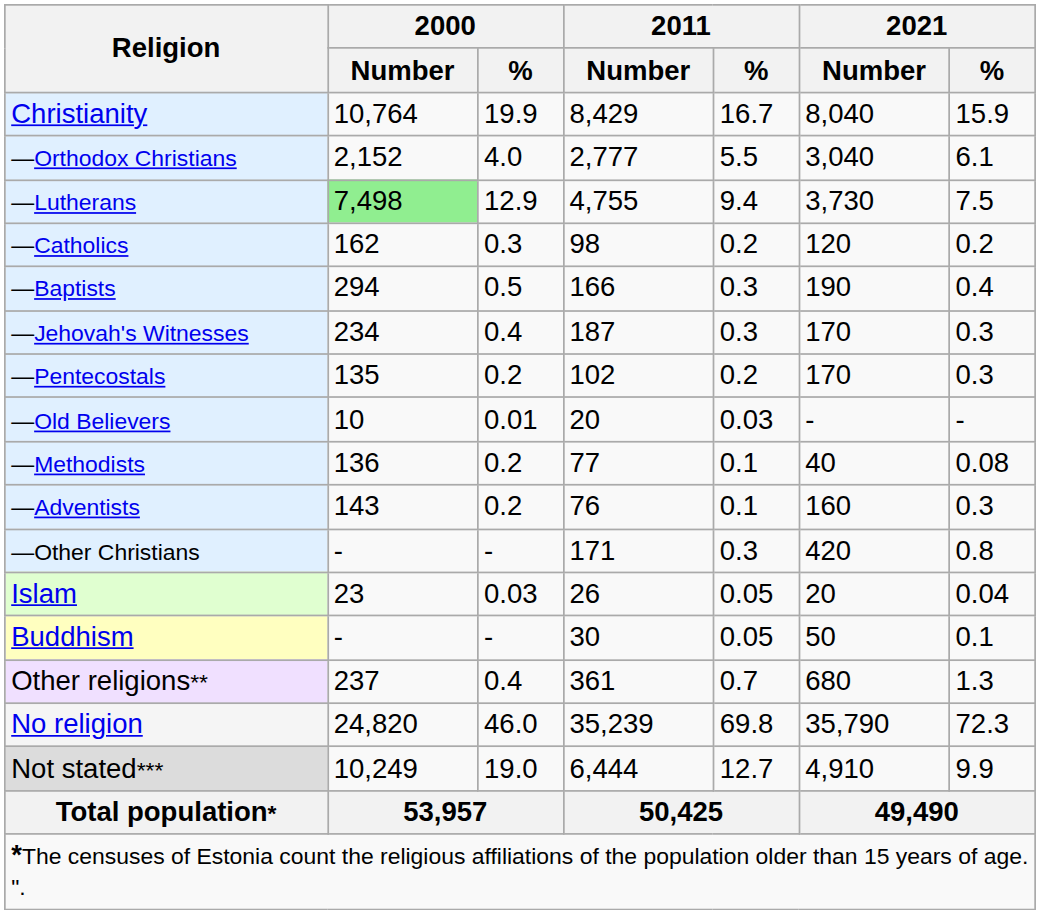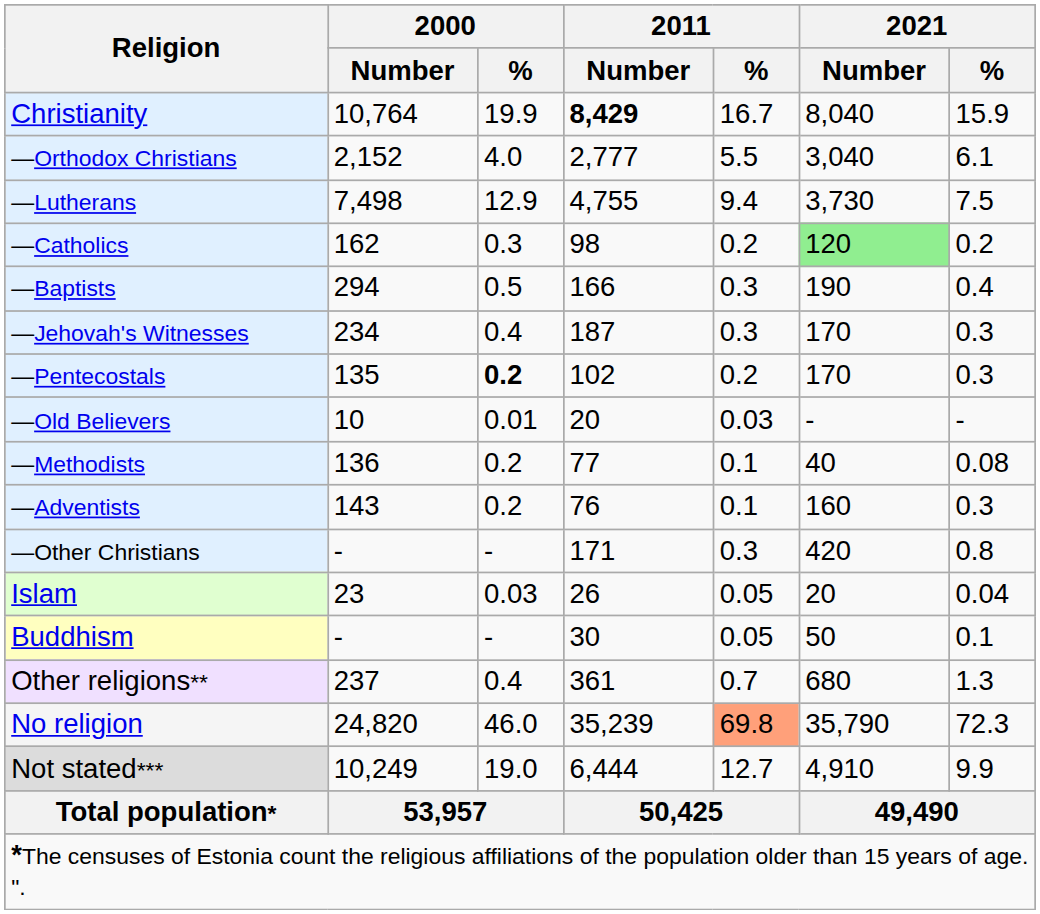 <table class="wikitable">
 <tr>
 <th rowspan="2">Religion</th>
 <th style="text-align:center;" colspan="2">2000</th>
 <th style="text-align:center;" colspan="2">2011</th>
 <th style="text-align:center;" colspan="2">2021</th>
 </tr>
 <tr>
 <th>Number</th>
 <th>%</th>
 <th>Number</th>
 <th>%</th>
 <th>Number</th>
 <th>%</th>
 </tr>
 <tr>
 <td style="background:#E0F0FF;"><a href='#'>Christianity</a></td>
 <td>10,764</td>
 <td>19.9</td>
-<td>8,429</td>
+<td><strong>8,429</strong></td>
 <td>16.7</td>
 <td>8,040</td>
 <td>15.9</td>
 </tr>
 <tr>
 <td style="background:#E0F0FF;"><small>—<a href='#'>Orthodox Christians</a></small></td>
 <td>2,152</td>
 <td>4.0</td>
 <td>2,777</td>
 <td>5.5</td>
 <td>3,040</td>
 <td>6.1</td>
 </tr>
 <tr>
 <td style="background:#E0F0FF;"><small>—<a href='#'>Lutherans</a></small></td>
-<td style="background: lightgreen;">7,498</td>
+<td>7,498</td>
 <td>12.9</td>
 <td>4,755</td>
 <td>9.4</td>
 <td>3,730</td>
 <td>7.5</td>
 </tr>
 <tr>
 <td style="background:#E0F0FF;"><small>—<a href='#'>Catholics</a></small></td>
 <td>162</td>
 <td>0.3</td>
 <td>98</td>
 <td>0.2</td>
-<td>120</td>
+<td style="background: lightgreen;">120</td>
 <td>0.2</td>
 </tr>
 <tr>
 <td style="background:#E0F0FF;"><small>—<a href='#'>Baptists</a></small></td>
 <td>294</td>
 <td>0.5</td>
 <td>166</td>
 <td>0.3</td>
 <td>190</td>
 <td>0.4</td>
 </tr>
 <tr>
 <td style="background:#E0F0FF;"><small>—<a href='#'>Jehovah's Witnesses</a></small></td>
 <td>234</td>
 <td>0.4</td>
 <td>187</td>
 <td>0.3</td>
 <td>170</td>
 <td>0.3</td>
 </tr>
 <tr>
 <td style="background:#E0F0FF;"><small>—<a href='#'>Pentecostals</a></small></td>
 <td>135</td>
-<td>0.2</td>
+<td><strong>0.2</strong></td>
 <td>102</td>
 <td>0.2</td>
 <td>170</td>
 <td>0.3</td>
 </tr>
 <tr>
 <td style="background:#E0F0FF;"><small>—<a href='#'>Old Believers</a></small></td>
 <td>10</td>
 <td>0.01</td>
 <td>20</td>
 <td>0.03</td>
 <td>-</td>
 <td>-</td>
 </tr>
 <tr>
 <td style="background:#E0F0FF;"><small>—<a href='#'>Methodists</a></small></td>
 <td>136</td>
 <td>0.2</td>
 <td>77</td>
 <td>0.1</td>
 <td>40</td>
 <td>0.08</td>
 </tr>
 <tr>
 <td style="background:#E0F0FF;"><small>—<a href='#'>Adventists</a></small></td>
 <td>143</td>
 <td>0.2</td>
 <td>76</td>
 <td>0.1</td>
 <td>160</td>
 <td>0.3</td>
 </tr>
 <tr>
 <td style="background:#E0F0FF;"><small>—Other Christians</small></td>
 <td>-</td>
 <td>-</td>
 <td>171</td>
 <td>0.3</td>
 <td>420</td>
 <td>0.8</td>
 </tr>
 <tr>
 <td style="background:#E0FFD0;"><a href='#'>Islam</a></td>
 <td>23</td>
 <td>0.03</td>
 <td>26</td>
 <td>0.05</td>
 <td>20</td>
 <td>0.04</td>
 </tr>
 <tr>
 <td style="background:#FFFFC0;"><a href='#'>Buddhism</a></td>
 <td>-</td>
 <td>-</td>
 <td>30</td>
 <td>0.05</td>
 <td>50</td>
 <td>0.1</td>
 </tr>
 <tr>
 <td style="background:#F0E0FF;">Other religions<small>**</small></td>
 <td>237</td>
 <td>0.4</td>
 <td>361</td>
 <td>0.7</td>
 <td>680</td>
 <td>1.3</td>
 </tr>
 <tr>
 <td style="background:#F5F5F5;"><a href='#'>No religion</a></td>
 <td>24,820</td>
 <td>46.0</td>
 <td>35,239</td>
-<td>69.8</td>
+<td style="background: lightsalmon;">69.8</td>
 <td>35,790</td>
 <td>72.3</td>
 </tr>
 <tr>
 <td style="background:#DCDCDC;">Not stated<small>***</small></td>
 <td>10,249</td>
 <td>19.0</td>
 <td>6,444</td>
 <td>12.7</td>
 <td>4,910</td>
 <td>9.9</td>
 </tr>
 <tr>
 <th>Total population<small>*</small></th>
 <th colspan="2">53,957</th>
 <th colspan="2">50,425</th>
 <th colspan="2">49,490</th>
 </tr>
 <tr>
 <td colspan="7"><strong>*</strong><small>The censuses of Estonia count the religious affiliations of the population older than 15 years of age.</small><br><small>".</small></td>
 </tr>
 </table>
